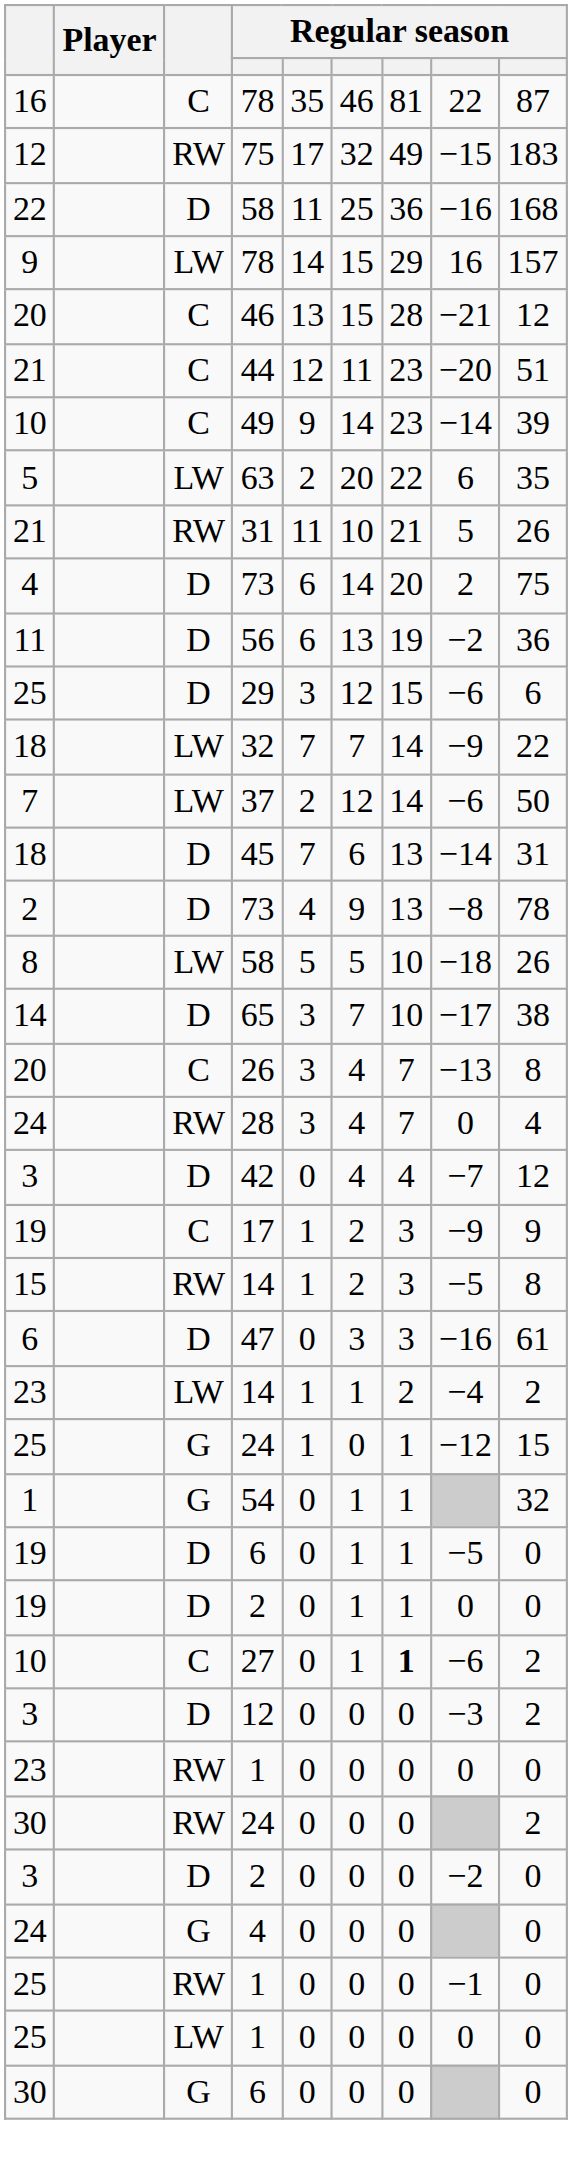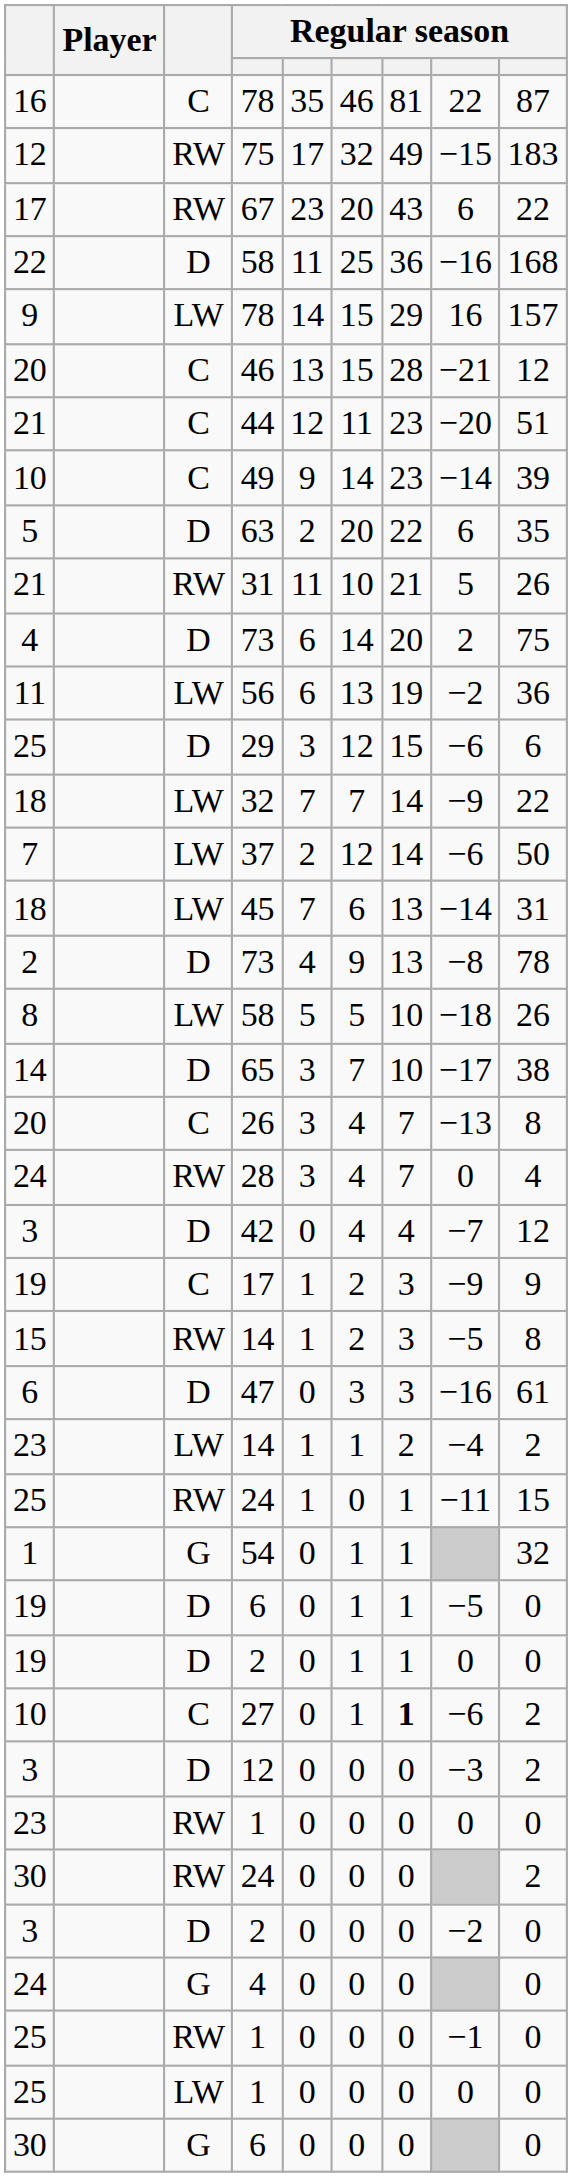 <table class="wikitable sortable plainrowheaders" style="text-align:center;">
 <tr>
 <th scope="col" data-sort-type="number" rowspan="2"></th>
 <th scope="col" rowspan="2">Player</th>
 <th scope="col" rowspan="2"></th>
 <th scope=colgroup colspan=6>Regular season</th>
 </tr>
 <tr>
 <th scope="col" data-sort-type="number"></th>
 <th scope="col" data-sort-type="number"></th>
 <th scope="col" data-sort-type="number"></th>
 <th scope="col" data-sort-type="number"></th>
 <th scope="col" data-sort-type="number"></th>
 <th scope="col" data-sort-type="number"></th>
 </tr>
 <tr>
 <td scope="row">16</td>
 <td align="left"></td>
 <td>C</td>
 <td>78</td>
 <td>35</td>
 <td>46</td>
 <td>81</td>
 <td>22</td>
 <td>87</td>
 </tr>
 <tr>
 <td scope="row">12</td>
 <td align="left"></td>
 <td>RW</td>
 <td>75</td>
 <td>17</td>
 <td>32</td>
 <td>49</td>
 <td>−15</td>
 <td>183</td>
+</tr>
+<tr>
+<td scope="row">17</td>
+<td align="left"></td>
+<td>RW</td>
+<td>67</td>
+<td>23</td>
+<td>20</td>
+<td>43</td>
+<td>6</td>
+<td>22</td>
 </tr>
 <tr>
 <td scope="row">22</td>
 <td align="left"></td>
 <td>D</td>
 <td>58</td>
 <td>11</td>
 <td>25</td>
 <td>36</td>
 <td>−16</td>
 <td>168</td>
 </tr>
 <tr>
 <td scope="row">9</td>
 <td align="left"></td>
 <td>LW</td>
 <td>78</td>
 <td>14</td>
 <td>15</td>
 <td>29</td>
 <td>16</td>
 <td>157</td>
 </tr>
 <tr>
 <td scope="row">20</td>
 <td align="left"></td>
 <td>C</td>
 <td>46</td>
 <td>13</td>
 <td>15</td>
 <td>28</td>
 <td>−21</td>
 <td>12</td>
 </tr>
 <tr>
 <td scope="row">21</td>
 <td align="left"></td>
 <td>C</td>
 <td>44</td>
 <td>12</td>
 <td>11</td>
 <td>23</td>
 <td>−20</td>
 <td>51</td>
 </tr>
 <tr>
 <td scope="row">10</td>
 <td align="left"></td>
 <td>C</td>
 <td>49</td>
 <td>9</td>
 <td>14</td>
 <td>23</td>
 <td>−14</td>
 <td>39</td>
 </tr>
 <tr>
 <td scope="row">5</td>
 <td align="left"></td>
-<td>LW</td>
+<td>D</td>
 <td>63</td>
 <td>2</td>
 <td>20</td>
 <td>22</td>
 <td>6</td>
 <td>35</td>
 </tr>
 <tr>
 <td scope="row">21</td>
 <td align="left"></td>
 <td>RW</td>
 <td>31</td>
 <td>11</td>
 <td>10</td>
 <td>21</td>
 <td>5</td>
 <td>26</td>
 </tr>
 <tr>
 <td scope="row">4</td>
 <td align="left"></td>
 <td>D</td>
 <td>73</td>
 <td>6</td>
 <td>14</td>
 <td>20</td>
 <td>2</td>
 <td>75</td>
 </tr>
 <tr>
 <td scope="row">11</td>
 <td align="left"></td>
-<td>D</td>
+<td>LW</td>
 <td>56</td>
 <td>6</td>
 <td>13</td>
 <td>19</td>
 <td>−2</td>
 <td>36</td>
 </tr>
 <tr>
 <td scope="row">25</td>
 <td align="left"></td>
 <td>D</td>
 <td>29</td>
 <td>3</td>
 <td>12</td>
 <td>15</td>
 <td>−6</td>
 <td>6</td>
 </tr>
 <tr>
 <td scope="row">18</td>
 <td align="left"></td>
 <td>LW</td>
 <td>32</td>
 <td>7</td>
 <td>7</td>
 <td>14</td>
 <td>−9</td>
 <td>22</td>
 </tr>
 <tr>
 <td scope="row">7</td>
 <td align="left"></td>
 <td>LW</td>
 <td>37</td>
 <td>2</td>
 <td>12</td>
 <td>14</td>
 <td>−6</td>
 <td>50</td>
 </tr>
 <tr>
 <td scope="row">18</td>
 <td align="left"></td>
-<td>D</td>
+<td>LW</td>
 <td>45</td>
 <td>7</td>
 <td>6</td>
 <td>13</td>
 <td>−14</td>
 <td>31</td>
 </tr>
 <tr>
 <td scope="row">2</td>
 <td align="left"></td>
 <td>D</td>
 <td>73</td>
 <td>4</td>
 <td>9</td>
 <td>13</td>
 <td>−8</td>
 <td>78</td>
 </tr>
 <tr>
 <td scope="row">8</td>
 <td align="left"></td>
 <td>LW</td>
 <td>58</td>
 <td>5</td>
 <td>5</td>
 <td>10</td>
 <td>−18</td>
 <td>26</td>
 </tr>
 <tr>
 <td scope="row">14</td>
 <td align="left"></td>
 <td>D</td>
 <td>65</td>
 <td>3</td>
 <td>7</td>
 <td>10</td>
 <td>−17</td>
 <td>38</td>
 </tr>
 <tr>
 <td scope="row">20</td>
 <td align="left"></td>
 <td>C</td>
 <td>26</td>
 <td>3</td>
 <td>4</td>
 <td>7</td>
 <td>−13</td>
 <td>8</td>
 </tr>
 <tr>
 <td scope="row">24</td>
 <td align="left"></td>
 <td>RW</td>
 <td>28</td>
 <td>3</td>
 <td>4</td>
 <td>7</td>
 <td>0</td>
 <td>4</td>
 </tr>
 <tr>
 <td scope="row">3</td>
 <td align="left"></td>
 <td>D</td>
 <td>42</td>
 <td>0</td>
 <td>4</td>
 <td>4</td>
 <td>−7</td>
 <td>12</td>
 </tr>
 <tr>
 <td scope="row">19</td>
 <td align="left"></td>
 <td>C</td>
 <td>17</td>
 <td>1</td>
 <td>2</td>
 <td>3</td>
 <td>−9</td>
 <td>9</td>
 </tr>
 <tr>
 <td scope="row">15</td>
 <td align="left"></td>
 <td>RW</td>
 <td>14</td>
 <td>1</td>
 <td>2</td>
 <td>3</td>
 <td>−5</td>
 <td>8</td>
 </tr>
 <tr>
 <td scope="row">6</td>
 <td align="left"></td>
 <td>D</td>
 <td>47</td>
 <td>0</td>
 <td>3</td>
 <td>3</td>
 <td>−16</td>
 <td>61</td>
 </tr>
 <tr>
 <td scope="row">23</td>
 <td align="left"></td>
 <td>LW</td>
 <td>14</td>
 <td>1</td>
 <td>1</td>
 <td>2</td>
 <td>−4</td>
 <td>2</td>
 </tr>
 <tr>
 <td scope="row">25</td>
 <td align="left"></td>
-<td>G</td>
+<td>RW</td>
 <td>24</td>
 <td>1</td>
 <td>0</td>
 <td>1</td>
-<td>−12</td>
+<td>−11</td>
 <td>15</td>
 </tr>
 <tr>
 <td scope="row">1</td>
 <td align="left"></td>
 <td>G</td>
 <td>54</td>
 <td>0</td>
 <td>1</td>
 <td>1</td>
 <td style="background:#ccc"></td>
 <td>32</td>
 </tr>
 <tr>
 <td scope="row">19</td>
 <td align="left"></td>
 <td>D</td>
 <td>6</td>
 <td>0</td>
 <td>1</td>
 <td>1</td>
 <td>−5</td>
 <td>0</td>
 </tr>
 <tr>
 <td scope="row">19</td>
 <td align="left"></td>
 <td>D</td>
 <td>2</td>
 <td>0</td>
 <td>1</td>
 <td>1</td>
 <td>0</td>
 <td>0</td>
 </tr>
 <tr>
 <td scope="row">10</td>
 <td align="left"></td>
 <td>C</td>
 <td>27</td>
 <td>0</td>
 <td>1</td>
 <td><strong>1</strong></td>
 <td>−6</td>
 <td>2</td>
 </tr>
 <tr>
 <td scope="row">3</td>
 <td align="left"></td>
 <td>D</td>
 <td>12</td>
 <td>0</td>
 <td>0</td>
 <td>0</td>
 <td>−3</td>
 <td>2</td>
 </tr>
 <tr>
 <td scope="row">23</td>
 <td align="left"></td>
 <td>RW</td>
 <td>1</td>
 <td>0</td>
 <td>0</td>
 <td>0</td>
 <td>0</td>
 <td>0</td>
 </tr>
 <tr>
 <td scope="row">30</td>
 <td align="left"></td>
 <td>RW</td>
 <td>24</td>
 <td>0</td>
 <td>0</td>
 <td>0</td>
 <td style="background:#ccc"></td>
 <td>2</td>
 </tr>
 <tr>
 <td scope="row">3</td>
 <td align="left"></td>
 <td>D</td>
 <td>2</td>
 <td>0</td>
 <td>0</td>
 <td>0</td>
 <td>−2</td>
 <td>0</td>
 </tr>
 <tr>
 <td scope="row">24</td>
 <td align="left"></td>
 <td>G</td>
 <td>4</td>
 <td>0</td>
 <td>0</td>
 <td>0</td>
 <td style="background:#ccc"></td>
 <td>0</td>
 </tr>
 <tr>
 <td scope="row">25</td>
 <td align="left"></td>
 <td>RW</td>
 <td>1</td>
 <td>0</td>
 <td>0</td>
 <td>0</td>
 <td>−1</td>
 <td>0</td>
 </tr>
 <tr>
 <td scope="row">25</td>
 <td align="left"></td>
 <td>LW</td>
 <td>1</td>
 <td>0</td>
 <td>0</td>
 <td>0</td>
 <td>0</td>
 <td>0</td>
 </tr>
 <tr>
 <td scope="row">30</td>
 <td align="left"></td>
 <td>G</td>
 <td>6</td>
 <td>0</td>
 <td>0</td>
 <td>0</td>
 <td style="background:#ccc"></td>
 <td>0</td>
 </tr>
 </table>
